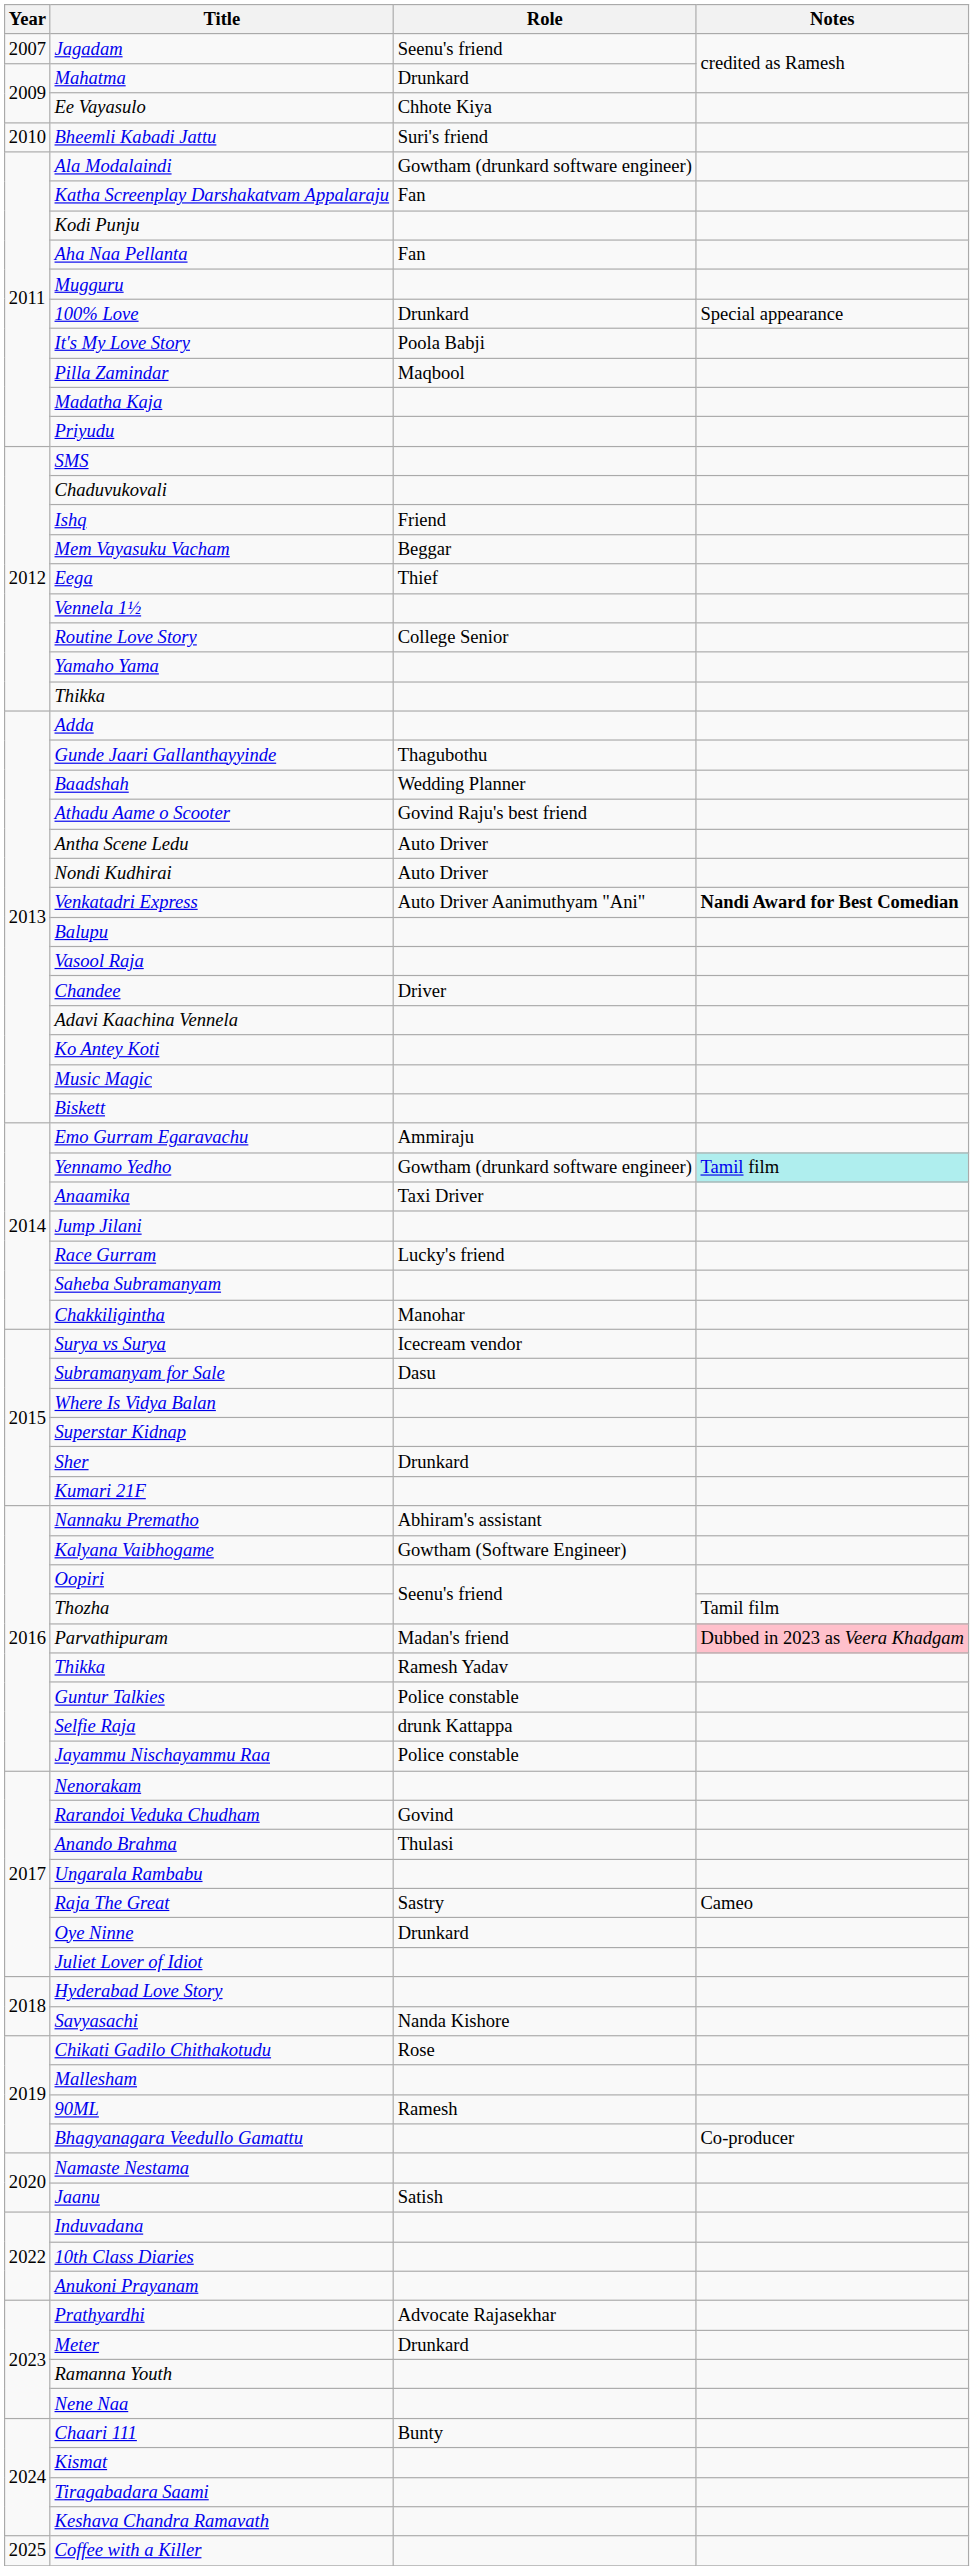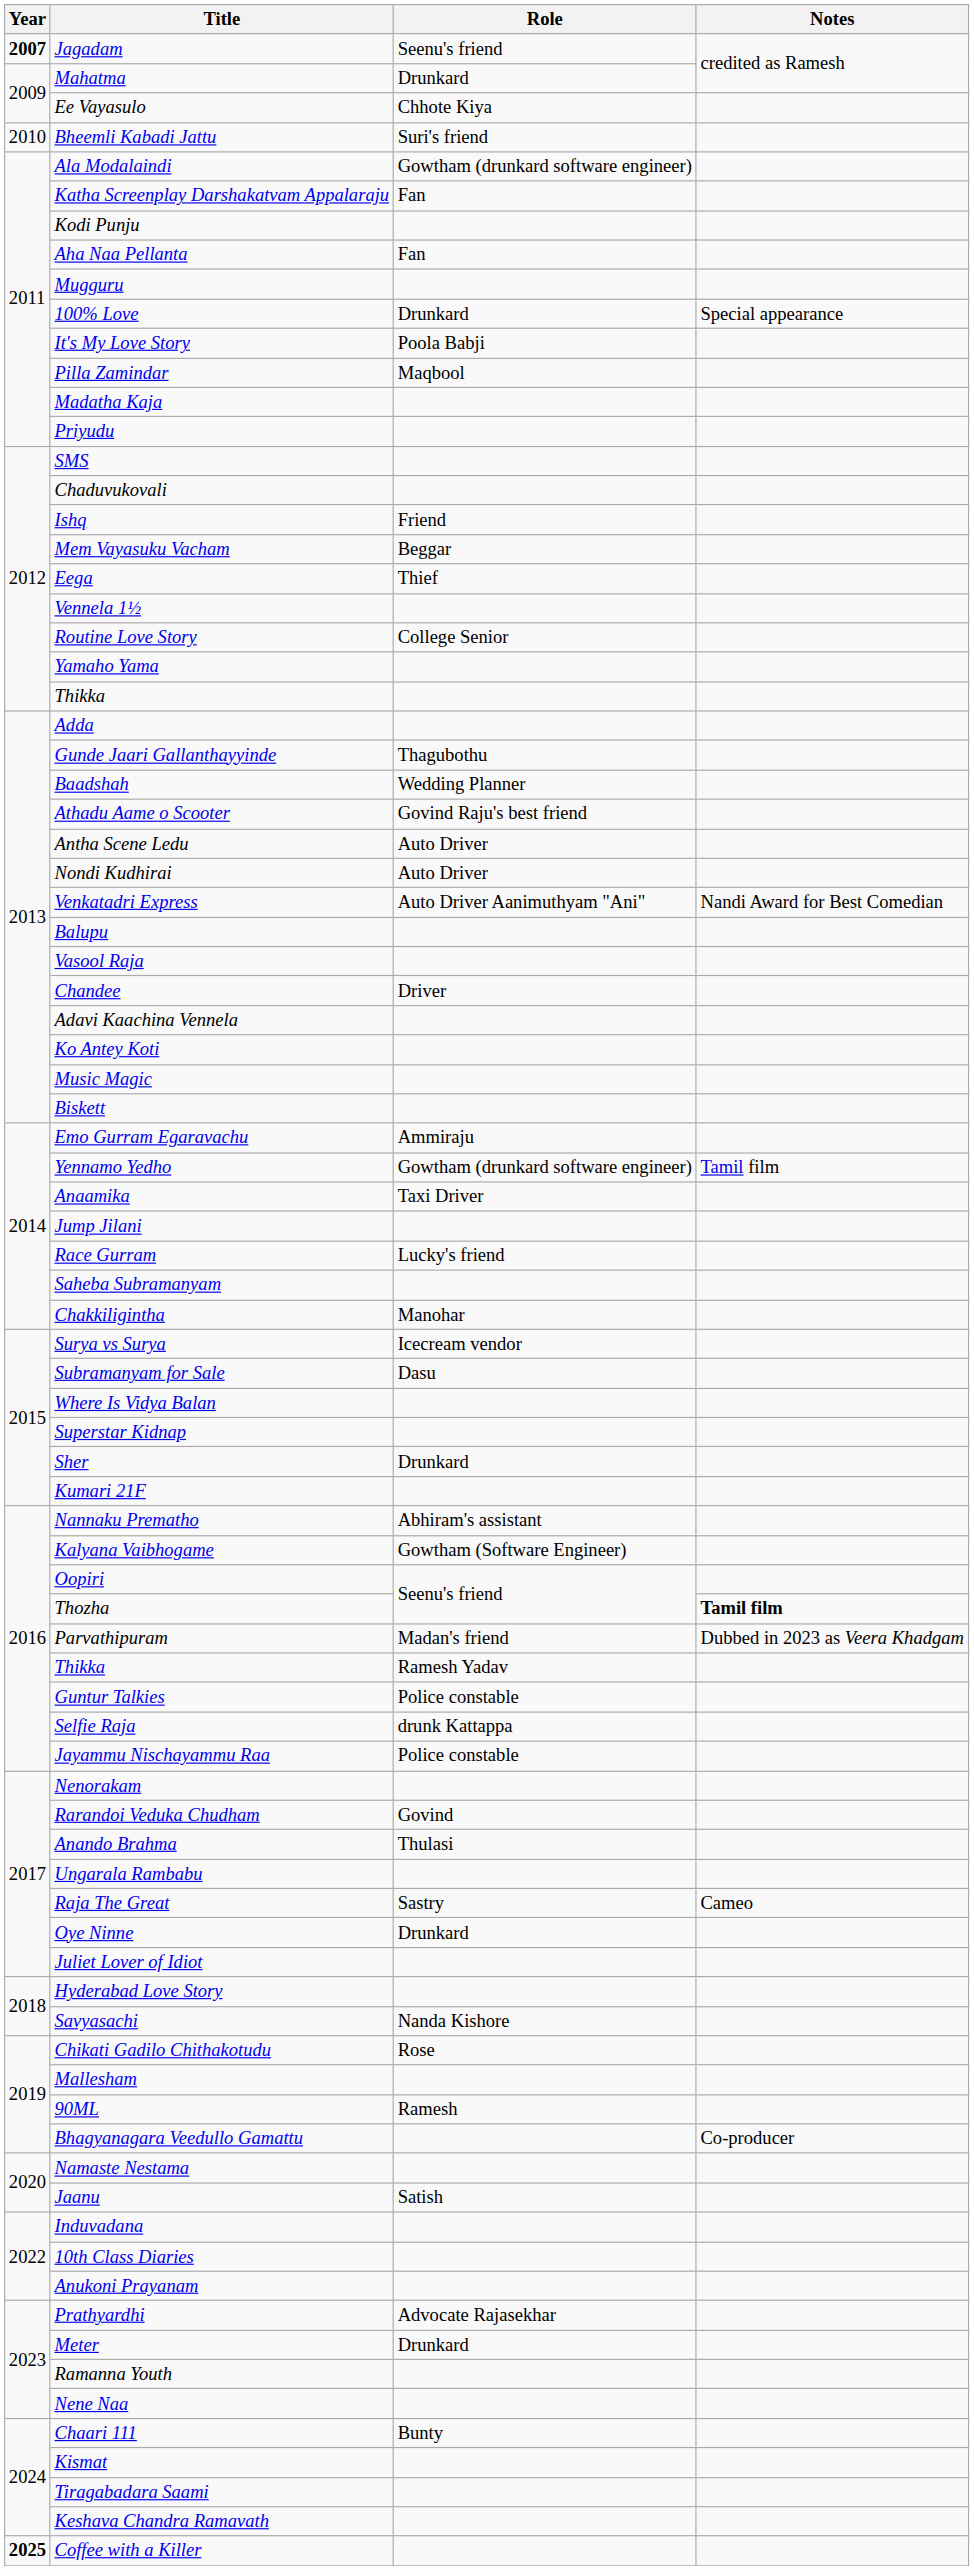 <table class="wikitable sortable">
 <tr>
 <th>Year</th>
 <th>Title</th>
 <th>Role</th>
 <th>Notes</th>
 </tr>
 <tr>
-<td>2007</td>
+<td><strong>2007</strong></td>
 <td><em><a href='#'>Jagadam</a></em></td>
 <td>Seenu's friend</td>
 <td rowspan="2">credited as Ramesh</td>
 </tr>
 <tr>
 <td rowspan="2">2009</td>
 <td><em><a href='#'>Mahatma</a></em></td>
 <td>Drunkard</td>
 </tr>
 <tr>
 <td><em>Ee Vayasulo</em></td>
 <td>Chhote Kiya</td>
 <td></td>
 </tr>
 <tr>
 <td>2010</td>
 <td><em><a href='#'>Bheemli Kabadi Jattu</a></em></td>
 <td>Suri's friend</td>
 <td></td>
 </tr>
 <tr>
 <td rowspan="10">2011</td>
 <td><em><a href='#'>Ala Modalaindi</a></em></td>
 <td>Gowtham  (drunkard software engineer)</td>
 <td></td>
 </tr>
 <tr>
 <td><em><a href='#'>Katha Screenplay Darshakatvam Appalaraju</a></em></td>
 <td>Fan</td>
 <td></td>
 </tr>
 <tr>
 <td><em>Kodi Punju</em></td>
 <td></td>
 <td></td>
 </tr>
 <tr>
 <td><em><a href='#'>Aha Naa Pellanta</a></em></td>
 <td>Fan</td>
 <td></td>
 </tr>
 <tr>
 <td><em><a href='#'>Mugguru</a></em></td>
 <td></td>
 <td></td>
 </tr>
 <tr>
 <td><em><a href='#'>100% Love</a></em></td>
 <td>Drunkard</td>
 <td>Special appearance</td>
 </tr>
 <tr>
 <td><em><a href='#'>It's My Love Story</a></em></td>
 <td>Poola Babji</td>
 <td></td>
 </tr>
 <tr>
 <td><em><a href='#'>Pilla Zamindar</a></em></td>
 <td>Maqbool</td>
 <td></td>
 </tr>
 <tr>
 <td><em><a href='#'>Madatha Kaja</a></em></td>
 <td></td>
 <td></td>
 </tr>
 <tr>
 <td><em><a href='#'>Priyudu</a></em></td>
 <td></td>
 <td></td>
 </tr>
 <tr>
 <td rowspan="9">2012</td>
 <td><em><a href='#'>SMS</a></em></td>
 <td></td>
 <td></td>
 </tr>
 <tr>
 <td><em>Chaduvukovali</em></td>
 <td></td>
 <td></td>
 </tr>
 <tr>
 <td><em><a href='#'>Ishq</a></em></td>
 <td>Friend</td>
 <td></td>
 </tr>
 <tr>
 <td><em><a href='#'>Mem Vayasuku Vacham</a></em></td>
 <td>Beggar</td>
 <td></td>
 </tr>
 <tr>
 <td><em><a href='#'>Eega</a></em></td>
 <td>Thief</td>
 <td></td>
 </tr>
 <tr>
 <td><em><a href='#'>Vennela 1½</a></em></td>
 <td></td>
 <td></td>
 </tr>
 <tr>
 <td><em><a href='#'>Routine Love Story</a></em></td>
 <td>College Senior</td>
 <td></td>
 </tr>
 <tr>
 <td><em><a href='#'>Yamaho Yama</a></em></td>
 <td></td>
 <td></td>
 </tr>
 <tr>
 <td><em>Thikka</em></td>
 <td></td>
 <td></td>
 </tr>
 <tr>
 <td rowspan="14">2013</td>
 <td><em><a href='#'>Adda</a></em></td>
 <td></td>
 <td></td>
 </tr>
 <tr>
 <td><em><a href='#'>Gunde Jaari Gallanthayyinde</a></em></td>
 <td>Thagubothu</td>
 <td></td>
 </tr>
 <tr>
 <td><em><a href='#'>Baadshah</a></em></td>
 <td>Wedding Planner</td>
 <td></td>
 </tr>
 <tr>
 <td><em><a href='#'>Athadu Aame o Scooter</a></em></td>
 <td>Govind Raju's best friend</td>
 <td></td>
 </tr>
 <tr>
 <td><em>Antha Scene Ledu</em></td>
 <td>Auto Driver</td>
 <td></td>
 </tr>
 <tr>
 <td><em>Nondi Kudhirai</em></td>
 <td>Auto Driver</td>
 <td></td>
 </tr>
 <tr>
 <td><em><a href='#'>Venkatadri Express</a></em></td>
 <td>Auto Driver Aanimuthyam "Ani"</td>
-<td><strong>Nandi Award for Best Comedian</strong></td>
+<td>Nandi Award for Best Comedian</td>
 </tr>
 <tr>
 <td><em><a href='#'>Balupu</a></em></td>
 <td></td>
 <td></td>
 </tr>
 <tr>
 <td><em><a href='#'>Vasool Raja</a></em></td>
 <td></td>
 <td></td>
 </tr>
 <tr>
 <td><em><a href='#'>Chandee</a></em></td>
 <td>Driver</td>
 <td></td>
 </tr>
 <tr>
 <td><em>Adavi Kaachina Vennela</em></td>
 <td></td>
 <td></td>
 </tr>
 <tr>
 <td><em><a href='#'>Ko Antey Koti</a></em></td>
 <td></td>
 <td></td>
 </tr>
 <tr>
 <td><em><a href='#'>Music Magic</a></em></td>
 <td></td>
 <td></td>
 </tr>
 <tr>
 <td><em><a href='#'>Biskett</a></em></td>
 <td></td>
 <td></td>
 </tr>
 <tr>
 <td rowspan="7">2014</td>
 <td><em><a href='#'>Emo Gurram Egaravachu</a></em></td>
 <td>Ammiraju</td>
 <td></td>
 </tr>
 <tr>
 <td><em><a href='#'>Yennamo Yedho</a></em></td>
 <td>Gowtham  (drunkard software engineer)</td>
-<td style="background: paleturquoise;"><a href='#'>Tamil</a> film</td>
+<td><a href='#'>Tamil</a> film</td>
 </tr>
 <tr>
 <td><em><a href='#'>Anaamika</a></em></td>
 <td>Taxi Driver</td>
 <td></td>
 </tr>
 <tr>
 <td><em><a href='#'>Jump Jilani</a></em></td>
 <td></td>
 <td></td>
 </tr>
 <tr>
 <td><em><a href='#'>Race Gurram</a></em></td>
 <td>Lucky's friend</td>
 <td></td>
 </tr>
 <tr>
 <td><em><a href='#'>Saheba Subramanyam</a></em></td>
 <td></td>
 <td></td>
 </tr>
 <tr>
 <td><em><a href='#'>Chakkiligintha</a></em></td>
 <td>Manohar</td>
 <td></td>
 </tr>
 <tr>
 <td rowspan="6">2015</td>
 <td><em><a href='#'>Surya vs Surya</a></em></td>
 <td>Icecream vendor</td>
 <td></td>
 </tr>
 <tr>
 <td><em><a href='#'>Subramanyam for Sale</a></em></td>
 <td>Dasu</td>
 <td></td>
 </tr>
 <tr>
 <td><em><a href='#'>Where Is Vidya Balan</a></em></td>
 <td></td>
 <td></td>
 </tr>
 <tr>
 <td><em><a href='#'>Superstar Kidnap</a></em></td>
 <td></td>
 <td></td>
 </tr>
 <tr>
 <td><em><a href='#'>Sher</a></em></td>
 <td>Drunkard</td>
 <td></td>
 </tr>
 <tr>
 <td><em><a href='#'>Kumari 21F</a></em></td>
 <td></td>
 <td></td>
 </tr>
 <tr>
 <td rowspan="9">2016</td>
 <td><em><a href='#'>Nannaku Prematho</a></em></td>
 <td>Abhiram's assistant</td>
 <td></td>
 </tr>
 <tr>
 <td><em><a href='#'>Kalyana Vaibhogame</a></em></td>
 <td>Gowtham (Software Engineer)</td>
 <td></td>
 </tr>
 <tr>
 <td><em><a href='#'>Oopiri</a></em></td>
 <td rowspan="2">Seenu's friend</td>
 <td></td>
 </tr>
 <tr>
 <td><em>Thozha</em></td>
-<td>Tamil film</td>
+<td><strong>Tamil film</strong></td>
 </tr>
 <tr>
 <td><em>Parvathipuram</em></td>
 <td>Madan's friend</td>
-<td style="background: pink;">Dubbed in 2023 as <em>Veera Khadgam</em></td>
+<td>Dubbed in 2023 as <em>Veera Khadgam</em></td>
 </tr>
 <tr>
 <td><em><a href='#'>Thikka</a></em></td>
 <td>Ramesh Yadav</td>
 <td></td>
 </tr>
 <tr>
 <td><em><a href='#'>Guntur Talkies</a></em></td>
 <td>Police constable</td>
 <td></td>
 </tr>
 <tr>
 <td><em><a href='#'>Selfie Raja</a></em></td>
 <td>drunk Kattappa</td>
 <td></td>
 </tr>
 <tr>
 <td><em><a href='#'>Jayammu Nischayammu Raa</a></em></td>
 <td>Police constable</td>
 <td></td>
 </tr>
 <tr>
 <td rowspan="7">2017</td>
 <td><em><a href='#'>Nenorakam</a></em></td>
 <td></td>
 <td></td>
 </tr>
 <tr>
 <td><em><a href='#'>Rarandoi Veduka Chudham</a></em></td>
 <td>Govind</td>
 <td></td>
 </tr>
 <tr>
 <td><em><a href='#'>Anando Brahma</a></em></td>
 <td>Thulasi</td>
 <td></td>
 </tr>
 <tr>
 <td><em><a href='#'>Ungarala Rambabu</a></em></td>
 <td></td>
 <td></td>
 </tr>
 <tr>
 <td><em><a href='#'>Raja The Great</a></em></td>
 <td>Sastry</td>
 <td>Cameo</td>
 </tr>
 <tr>
 <td><em><a href='#'>Oye Ninne</a></em></td>
 <td>Drunkard</td>
 <td></td>
 </tr>
 <tr>
 <td><em><a href='#'>Juliet Lover of Idiot</a></em></td>
 <td></td>
 <td></td>
 </tr>
 <tr>
 <td rowspan="2">2018</td>
 <td><em><a href='#'>Hyderabad Love Story</a></em></td>
 <td></td>
 <td></td>
 </tr>
 <tr>
 <td><em><a href='#'>Savyasachi</a></em></td>
 <td>Nanda Kishore</td>
 <td></td>
 </tr>
 <tr>
 <td rowspan="4">2019</td>
 <td><em><a href='#'>Chikati Gadilo Chithakotudu</a></em></td>
 <td>Rose</td>
 <td></td>
 </tr>
 <tr>
 <td><em><a href='#'>Mallesham</a></em></td>
 <td></td>
 <td></td>
 </tr>
 <tr>
 <td><em><a href='#'>90ML</a></em></td>
 <td>Ramesh</td>
 <td></td>
 </tr>
 <tr>
 <td><em><a href='#'>Bhagyanagara Veedullo Gamattu</a></em></td>
 <td></td>
 <td>Co-producer</td>
 </tr>
 <tr>
 <td rowspan="2">2020</td>
 <td><em><a href='#'>Namaste Nestama</a></em></td>
 <td></td>
 <td></td>
 </tr>
 <tr>
 <td><em><a href='#'>Jaanu</a></em></td>
 <td>Satish</td>
 <td></td>
 </tr>
 <tr>
 <td rowspan="3">2022</td>
 <td><em><a href='#'>Induvadana</a></em></td>
 <td></td>
 <td></td>
 </tr>
 <tr>
 <td><em><a href='#'>10th Class Diaries</a></em></td>
 <td></td>
 <td></td>
 </tr>
 <tr>
 <td><em><a href='#'>Anukoni Prayanam</a></em></td>
 <td></td>
 <td></td>
 </tr>
 <tr>
 <td rowspan="4">2023</td>
 <td><em><a href='#'>Prathyardhi</a></em></td>
 <td>Advocate Rajasekhar</td>
 <td></td>
 </tr>
 <tr>
 <td><em><a href='#'>Meter</a></em></td>
 <td>Drunkard</td>
 <td></td>
 </tr>
 <tr>
 <td><em>Ramanna Youth</em></td>
 <td></td>
 <td></td>
 </tr>
 <tr>
 <td><em><a href='#'>Nene Naa</a></em></td>
 <td></td>
 <td></td>
 </tr>
 <tr>
 <td rowspan="4">2024</td>
 <td><em><a href='#'>Chaari 111</a></em></td>
 <td>Bunty</td>
 <td></td>
 </tr>
 <tr>
 <td><a href='#'><em>Kismat</em></a></td>
 <td></td>
 <td></td>
 </tr>
 <tr>
 <td><em><a href='#'>Tiragabadara Saami</a></em></td>
 <td></td>
 <td></td>
 </tr>
 <tr>
 <td><em><a href='#'>Keshava Chandra Ramavath</a></em></td>
 <td></td>
 <td></td>
 </tr>
 <tr>
-<td>2025</td>
+<td><strong>2025</strong></td>
 <td><em><a href='#'>Coffee with a Killer</a></em></td>
 <td></td>
 <td></td>
 </tr>
 </table>
